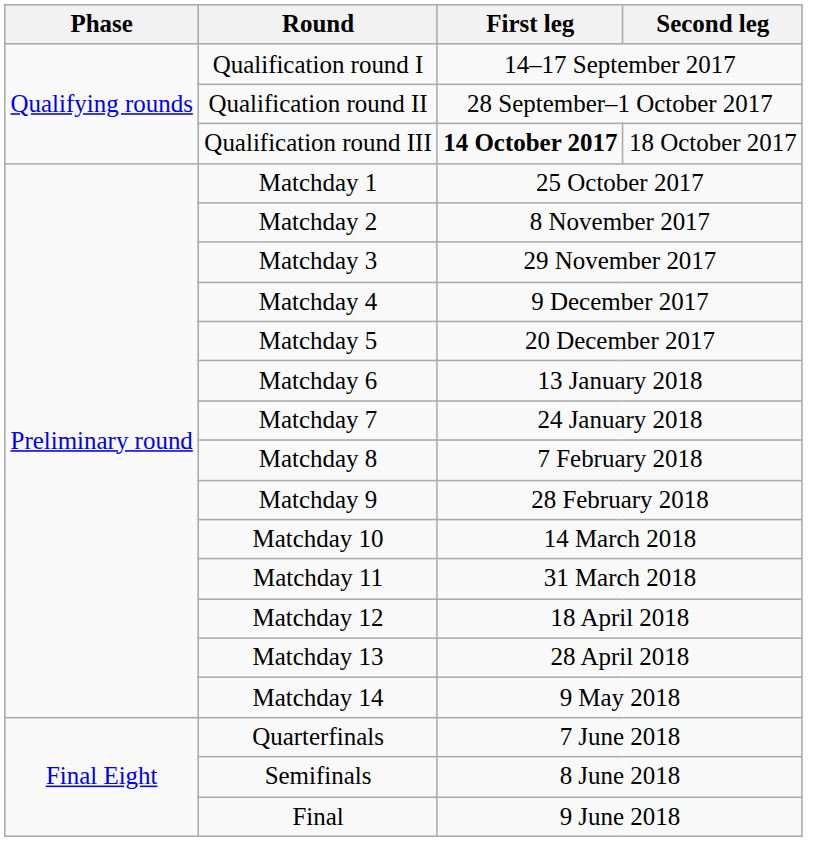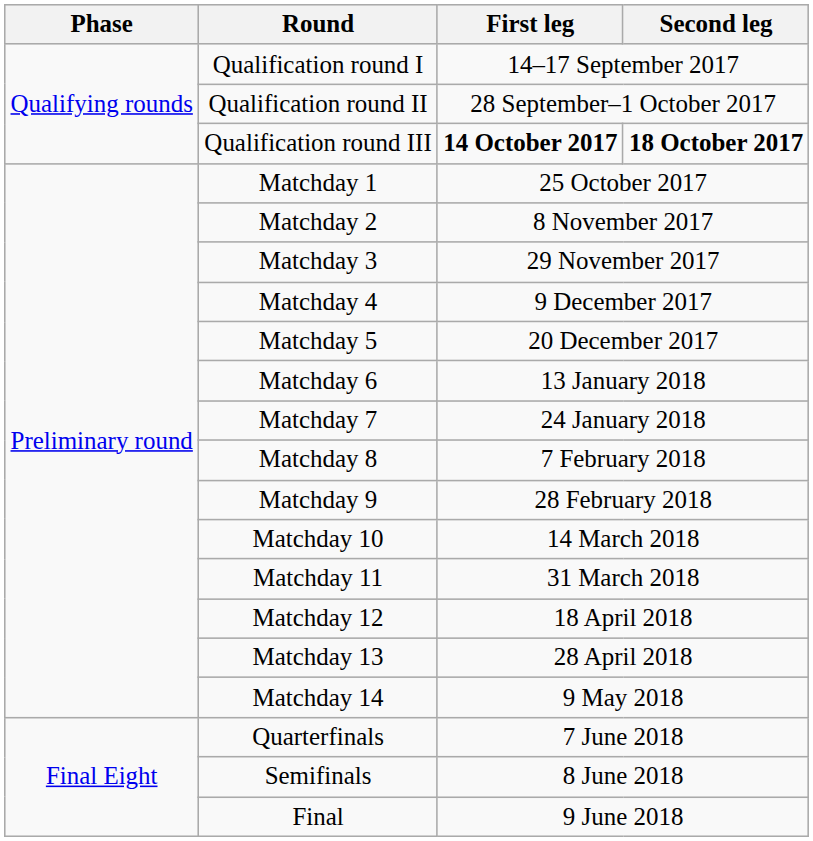 <table class="wikitable" style="text-align:center">
 <tr>
 <th>Phase</th>
 <th>Round</th>
 <th>First leg</th>
 <th>Second leg</th>
 </tr>
 <tr>
 <td rowspan=3><a href='#'>Qualifying rounds</a></td>
 <td>Qualification round I</td>
 <td colspan=2>14–17 September 2017</td>
 </tr>
 <tr>
 <td>Qualification round II</td>
 <td colspan=2>28 September–1 October 2017</td>
 </tr>
 <tr>
 <td>Qualification round III</td>
 <td><strong>14 October 2017</strong></td>
-<td>18 October 2017</td>
+<td><strong>18 October 2017</strong></td>
 </tr>
 <tr>
 <td rowspan=14><a href='#'>Preliminary round</a></td>
 <td>Matchday 1</td>
 <td colspan=2>25 October 2017</td>
 </tr>
 <tr>
 <td>Matchday 2</td>
 <td colspan=2>8 November 2017</td>
 </tr>
 <tr>
 <td>Matchday 3</td>
 <td colspan=2>29 November 2017</td>
 </tr>
 <tr>
 <td>Matchday 4</td>
 <td colspan=2>9 December 2017</td>
 </tr>
 <tr>
 <td>Matchday 5</td>
 <td colspan=2>20 December 2017</td>
 </tr>
 <tr>
 <td>Matchday 6</td>
 <td colspan=2>13 January 2018</td>
 </tr>
 <tr>
 <td>Matchday 7</td>
 <td colspan=2>24 January 2018</td>
 </tr>
 <tr>
 <td>Matchday 8</td>
 <td colspan=2>7 February 2018</td>
 </tr>
 <tr>
 <td>Matchday 9</td>
 <td colspan=2>28 February 2018</td>
 </tr>
 <tr>
 <td>Matchday 10</td>
 <td colspan=2>14 March 2018</td>
 </tr>
 <tr>
 <td>Matchday 11</td>
 <td colspan=2>31 March 2018</td>
 </tr>
 <tr>
 <td>Matchday 12</td>
 <td colspan=2>18 April 2018</td>
 </tr>
 <tr>
 <td>Matchday 13</td>
 <td colspan=2>28 April 2018</td>
 </tr>
 <tr>
 <td>Matchday 14</td>
 <td colspan=2>9 May 2018</td>
 </tr>
 <tr>
 <td rowspan=3><a href='#'>Final Eight</a></td>
 <td>Quarterfinals</td>
 <td colspan=2>7 June 2018</td>
 </tr>
 <tr>
 <td>Semifinals</td>
 <td colspan=2>8 June 2018</td>
 </tr>
 <tr>
 <td>Final</td>
 <td colspan=2>9 June 2018</td>
 </tr>
 </table>
